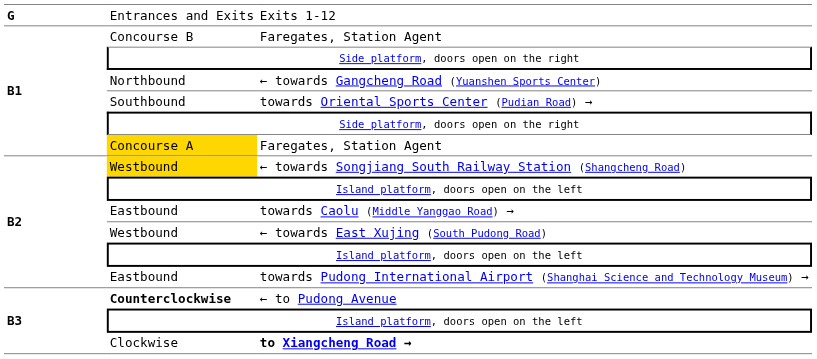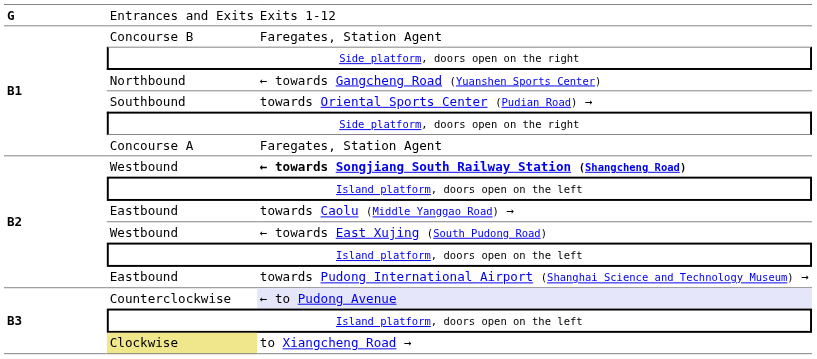 <table cellspacing=0 cellpadding=3>
 <tr>
 <td style="border-top:solid 1px gray;border-bottom:solid 1px gray;" width=100><strong>G</strong></td>
 <td style="border-top:solid 1px gray;border-bottom:solid 1px gray;">Entrances and Exits</td>
 <td style="border-top:solid 1px gray;border-bottom:solid 1px gray;">Exits 1-12</td>
 </tr>
 <tr>
 <td style="border-bottom:solid 1px gray;" rowspan=6><strong>B1</strong></td>
 <td>Concourse B</td>
 <td>Faregates, Station Agent</td>
 </tr>
 <tr>
 <td style="border-top:solid 1px gray;border-right:solid 2px black;border-left:solid 2px black;border-bottom:solid 2px black;text-align:center;" colspan=2><small><a href='#'>Side platform</a>, doors open on the right</small></td>
 </tr>
 <tr>
 <td style="border-bottom:solid 1px gray;">Northbound</td>
 <td style="border-bottom:solid 1px gray;">←  towards <a href='#'>Gangcheng Road</a> <small>(<a href='#'>Yuanshen Sports Center</a>)</small></td>
 </tr>
 <tr>
 <td>Southbound</td>
 <td>  towards <a href='#'>Oriental Sports Center</a> <small>(<a href='#'>Pudian Road</a>)</small> →</td>
 </tr>
 <tr>
 <td style="border-top:solid 2px black;border-right:solid 2px black;border-left:solid 2px black;border-bottom:solid 1px gray;text-align:center;" colspan=2><small><a href='#'>Side platform</a>, doors open on the right</small></td>
 </tr>
 <tr>
-<td style="background: gold; border-bottom:solid 1px gray;">Concourse A</td>
+<td style="border-bottom:solid 1px gray;">Concourse A</td>
 <td style="border-bottom:solid 1px gray;">Faregates, Station Agent</td>
 </tr>
 <tr>
 <td style="border-bottom:solid 1px gray;" rowspan=6><strong>B2</strong></td>
-<td style="background: gold;">Westbound</td>
-<td>←  towards <a href='#'>Songjiang South Railway Station</a> <small>(<a href='#'>Shangcheng Road</a>)</small></td>
+<td>Westbound</td>
+<td><strong>←  towards <a href='#'>Songjiang South Railway Station</a> <small>(<a href='#'>Shangcheng Road</a>)</small></strong></td>
 </tr>
 <tr>
 <td style="border-right:solid 2px black;border-left:solid 2px black;border-top:solid 2px black;border-bottom:solid 2px black;text-align:center;" colspan=2><small><a href='#'>Island platform</a>, doors open on the left</small></td>
 </tr>
 <tr>
 <td style="border-bottom:solid 1px gray;">Eastbound</td>
 <td style="border-bottom:solid 1px gray;">  towards <a href='#'>Caolu</a> <small>(<a href='#'>Middle Yanggao Road</a>)</small> →</td>
 </tr>
 <tr>
 <td>Westbound</td>
 <td>←  towards <a href='#'>East Xujing</a> <small>(<a href='#'>South Pudong Road</a>)</small></td>
 </tr>
 <tr>
 <td style="border-right:solid 2px black;border-left:solid 2px black;border-top:solid 2px black;border-bottom:solid 2px black;text-align:center;" colspan=2><small><a href='#'>Island platform</a>, doors open on the left</small></td>
 </tr>
 <tr>
 <td style="border-bottom:solid 1px gray;">Eastbound</td>
 <td style="border-bottom:solid 1px gray;">  towards <a href='#'>Pudong International Airport</a> <small>(<a href='#'>Shanghai Science and Technology Museum</a>)</small> →</td>
 </tr>
 <tr>
 <td style="border-bottom:solid 1px gray;" rowspan=3><strong>B3</strong></td>
-<td><strong>Counterclockwise</strong></td>
-<td>←  to <a href='#'>Pudong Avenue</a></td>
+<td>Counterclockwise</td>
+<td style="background: lavender;">←  to <a href='#'>Pudong Avenue</a></td>
 </tr>
 <tr>
 <td style="border-right:solid 2px black;border-left:solid 2px black;border-top:solid 2px black;border-bottom:solid 2px black;text-align:center;" colspan=2><small><a href='#'>Island platform</a>, doors open on the left</small></td>
 </tr>
 <tr>
-<td style="border-bottom:solid 1px gray;">Clockwise</td>
-<td style="border-bottom:solid 1px gray;"><strong>  to <a href='#'>Xiangcheng Road</a> →</strong></td>
+<td style="background: khaki; border-bottom:solid 1px gray;">Clockwise</td>
+<td style="border-bottom:solid 1px gray;">  to <a href='#'>Xiangcheng Road</a> →</td>
 </tr>
 </table>
